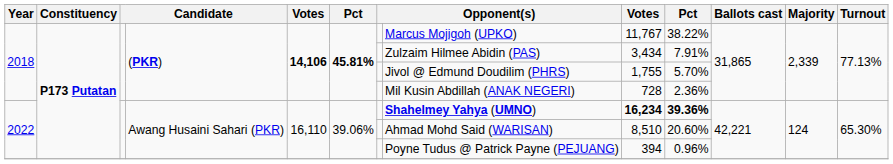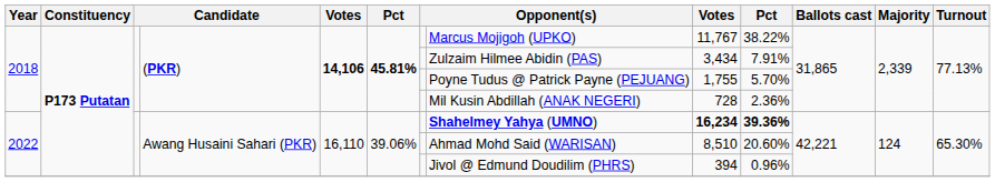 <table class="wikitable" style="margin:0.5em ; font-size:95%">
 <tr>
 <th>Year</th>
 <th>Constituency</th>
 <th colspan=2>Candidate</th>
 <th>Votes</th>
 <th>Pct</th>
 <th colspan=2>Opponent(s)</th>
 <th>Votes</th>
 <th>Pct</th>
 <th>Ballots cast</th>
 <th>Majority</th>
 <th>Turnout</th>
 </tr>
 <tr>
 <td rowspan=4><a href='#'>2018</a></td>
 <td rowspan=7><strong>P173 <a href='#'>Putatan</a></strong></td>
 <td rowspan=4 ></td>
 <td rowspan=4> (<a href='#'><strong>PKR</strong></a>)</td>
 <td rowspan=4 align="right"><strong>14,106</strong></td>
 <td rowspan=4><strong>45.81%</strong></td>
 <td></td>
 <td><a href='#'>Marcus Mojigoh</a> (<a href='#'>UPKO</a>)</td>
 <td align="right">11,767</td>
 <td>38.22%</td>
 <td rowspan=4>31,865</td>
 <td rowspan=4>2,339</td>
 <td rowspan=4>77.13%</td>
 </tr>
 <tr>
 <td></td>
 <td>Zulzaim Hilmee Abidin (<a href='#'>PAS</a>)</td>
 <td align=right>3,434</td>
 <td align=right>7.91%</td>
 </tr>
 <tr>
 <td bgcolor=></td>
-<td>Jivol @ Edmund Doudilim (<a href='#'>PHRS</a>)</td>
+<td>Poyne Tudus @ Patrick Payne (<a href='#'>PEJUANG</a>)</td>
 <td align=right>1,755</td>
 <td align=right>5.70%</td>
 </tr>
 <tr>
 <td bgcolor=></td>
 <td>Mil Kusin Abdillah (<a href='#'>ANAK NEGERI</a>)</td>
 <td align=right>728</td>
 <td align=right>2.36%</td>
 </tr>
 <tr>
 <td rowspan=3><a href='#'>2022</a></td>
 <td rowspan=3 ></td>
 <td rowspan=3>Awang Husaini Sahari (<a href='#'>PKR</a>)</td>
 <td rowspan=3 align="right">16,110</td>
 <td rowspan=3>39.06%</td>
 <td></td>
 <td {{nowrap><strong><a href='#'>Shahelmey Yahya</a></strong> (<a href='#'><strong>UMNO</strong></a>)</td>
 <td align="right"><strong>16,234</strong></td>
 <td><strong>39.36%</strong></td>
 <td rowspan=3>42,221</td>
 <td rowspan=3>124</td>
 <td rowspan=3>65.30%</td>
 </tr>
 <tr>
 <td></td>
 <td>Ahmad Mohd Said (<a href='#'>WARISAN</a>)</td>
 <td align="right">8,510</td>
 <td align=right>20.60%</td>
 </tr>
 <tr>
 <td bgcolor=></td>
-<td>Poyne Tudus @ Patrick Payne (<a href='#'>PEJUANG</a>)</td>
+<td>Jivol @ Edmund Doudilim (<a href='#'>PHRS</a>)</td>
 <td align="right">394</td>
 <td align=right>0.96%</td>
 </tr>
 <tr>
 </tr>
 </table>
